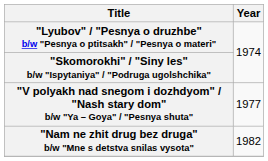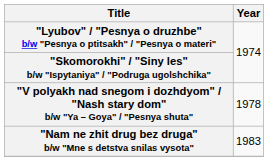 <table class="wikitable plainrowheaders" style="text-align: center;">
 <tr>
 <th style="width:20em;">Title</th>
 <th>Year</th>
 </tr>
 <tr>
 <th scope="row">"Lyubov" / "Pesnya o druzhbe"<br><small><a href='#'>b/w</a> "Pesnya o ptitsakh" / "Pesnya o materi"</small></th>
 <td rowspan="2">1974</td>
 </tr>
 <tr>
 <th scope="row">"Skomorokhi" / "Siny les" <br><small>b/w "Ispytaniya" / "Podruga ugolshchika"</small></th>
 </tr>
 <tr>
 <th scope="row">"V polyakh nad snegom i dozhdyom" / "Nash stary dom"<br><small>b/w "Ya – Goya" / "Pesnya shuta"</small></th>
-<td>1977</td>
+<td>1978</td>
 </tr>
 <tr>
 <th scope="row">"Nam ne zhit drug bez druga"<br><small>b/w "Mne s detstva snilas vysota"</small></th>
-<td>1982</td>
+<td>1983</td>
 </tr>
 <tr>
 </tr>
 </table>
